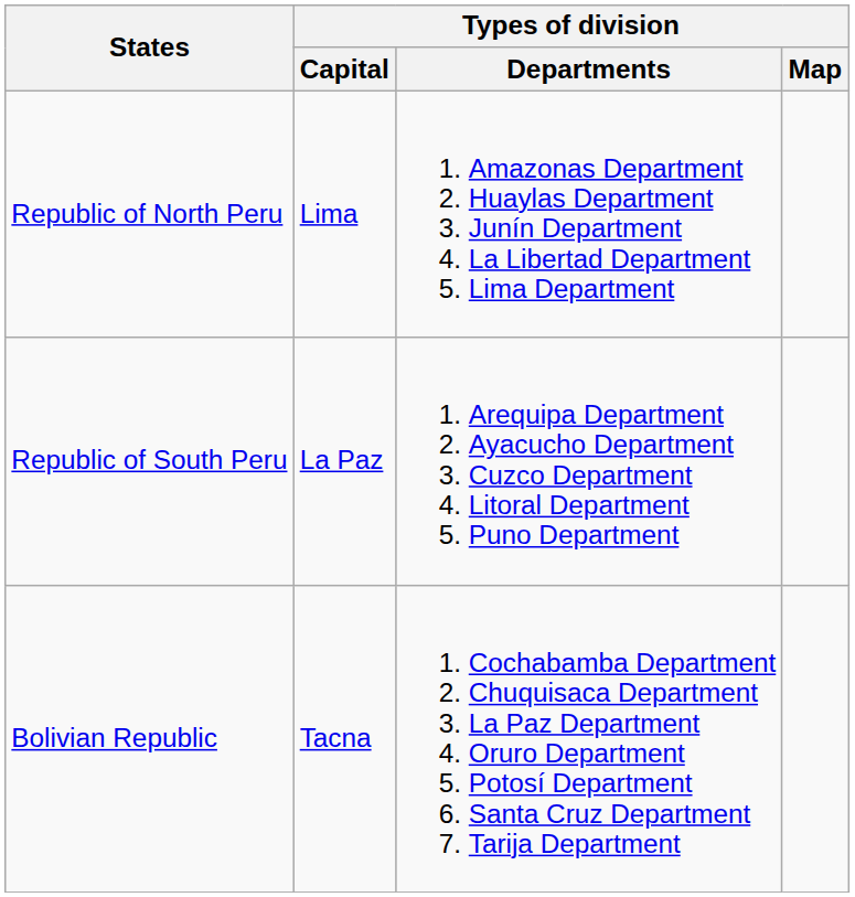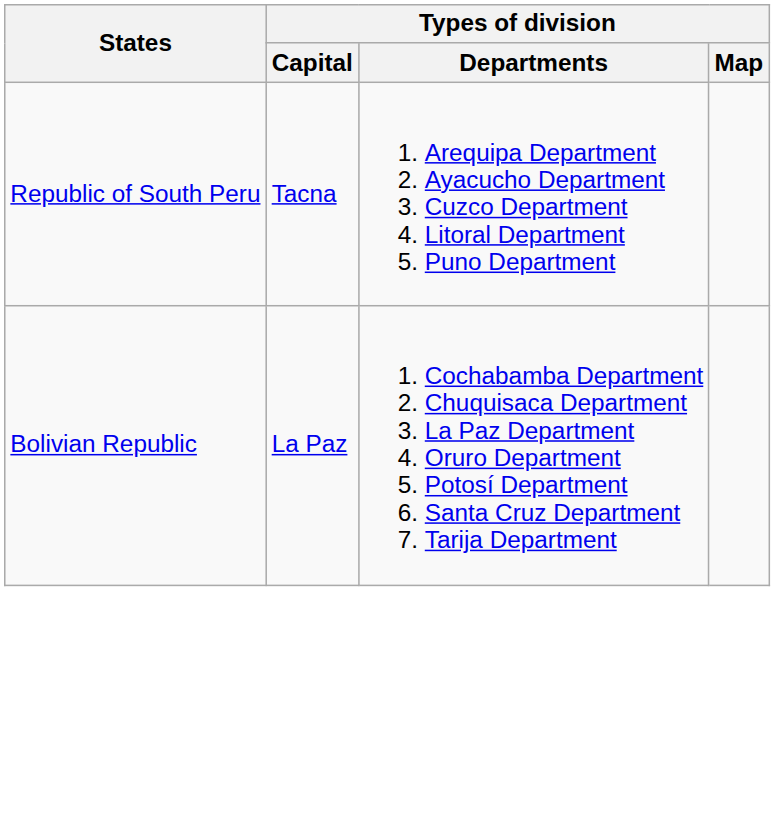 <table class="wikitable" style="margin-bottom: 34px;">
 <tr>
 <th rowspan="2">States</th>
 <th colspan="3">Types of division</th>
 </tr>
 <tr>
 <th>Capital</th>
 <th>Departments</th>
 <th>Map</th>
 </tr>
 <tr>
-<td><a href='#'>Republic of North Peru</a></td>
-<td><a href='#'>Lima</a></td>
-<td><br><ol><li><a href='#'>Amazonas Department</a></li><li><a href='#'>Huaylas Department</a></li><li><a href='#'>Junín Department</a></li><li><a href='#'>La Libertad Department</a></li><li><a href='#'>Lima Department</a></li></ol></td>
-<td></td>
-</tr>
-<tr>
 <td><a href='#'>Republic of South Peru</a></td>
-<td><a href='#'>La Paz</a></td>
+<td><a href='#'>Tacna</a></td>
 <td><br><ol><li><a href='#'>Arequipa Department</a></li><li><a href='#'>Ayacucho Department</a></li><li><a href='#'>Cuzco Department</a></li><li><a href='#'>Litoral Department</a></li><li><a href='#'>Puno Department</a></li></ol></td>
 <td></td>
 </tr>
 <tr>
 <td><a href='#'>Bolivian Republic</a></td>
-<td><a href='#'>Tacna</a></td>
+<td><a href='#'>La Paz</a></td>
 <td><br><ol><li><a href='#'>Cochabamba Department</a></li><li><a href='#'>Chuquisaca Department</a></li><li><a href='#'>La Paz Department</a></li><li><a href='#'>Oruro Department</a></li><li><a href='#'>Potosí Department</a></li><li><a href='#'>Santa Cruz Department</a></li><li><a href='#'>Tarija Department</a></li></ol></td>
 <td></td>
 </tr>
 </table>
